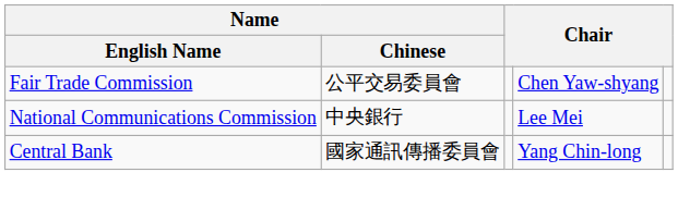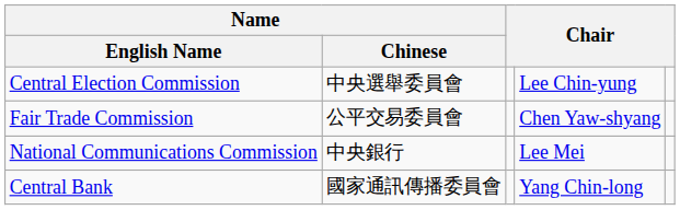 <table class="wikitable sortable">
 <tr>
 <th colspan="2">Name</th>
 <th colspan="3" rowspan="2">Chair</th>
 </tr>
 <tr>
 <th>English Name</th>
 <th>Chinese</th>
+</tr>
+<tr>
+<td><a href='#'>Central Election Commission</a></td>
+<td>中央選舉委員會</td>
+<td style="background:"></td>
+<td><a href='#'>Lee Chin-yung</a></td>
+<td></td>
 </tr>
 <tr>
 <td><a href='#'>Fair Trade Commission</a></td>
 <td>公平交易委員會</td>
 <td style="background:"></td>
 <td><a href='#'>Chen Yaw-shyang</a></td>
 <td></td>
 </tr>
 <tr>
 <td><a href='#'>National Communications Commission</a></td>
 <td>中央銀行</td>
 <td style="background:"></td>
 <td><a href='#'>Lee Mei</a></td>
 <td></td>
 </tr>
 <tr>
 <td><a href='#'>Central Bank</a></td>
 <td>國家通訊傳播委員會</td>
 <td style="background:"></td>
 <td><a href='#'>Yang Chin-long</a></td>
 <td></td>
 </tr>
 </table>
